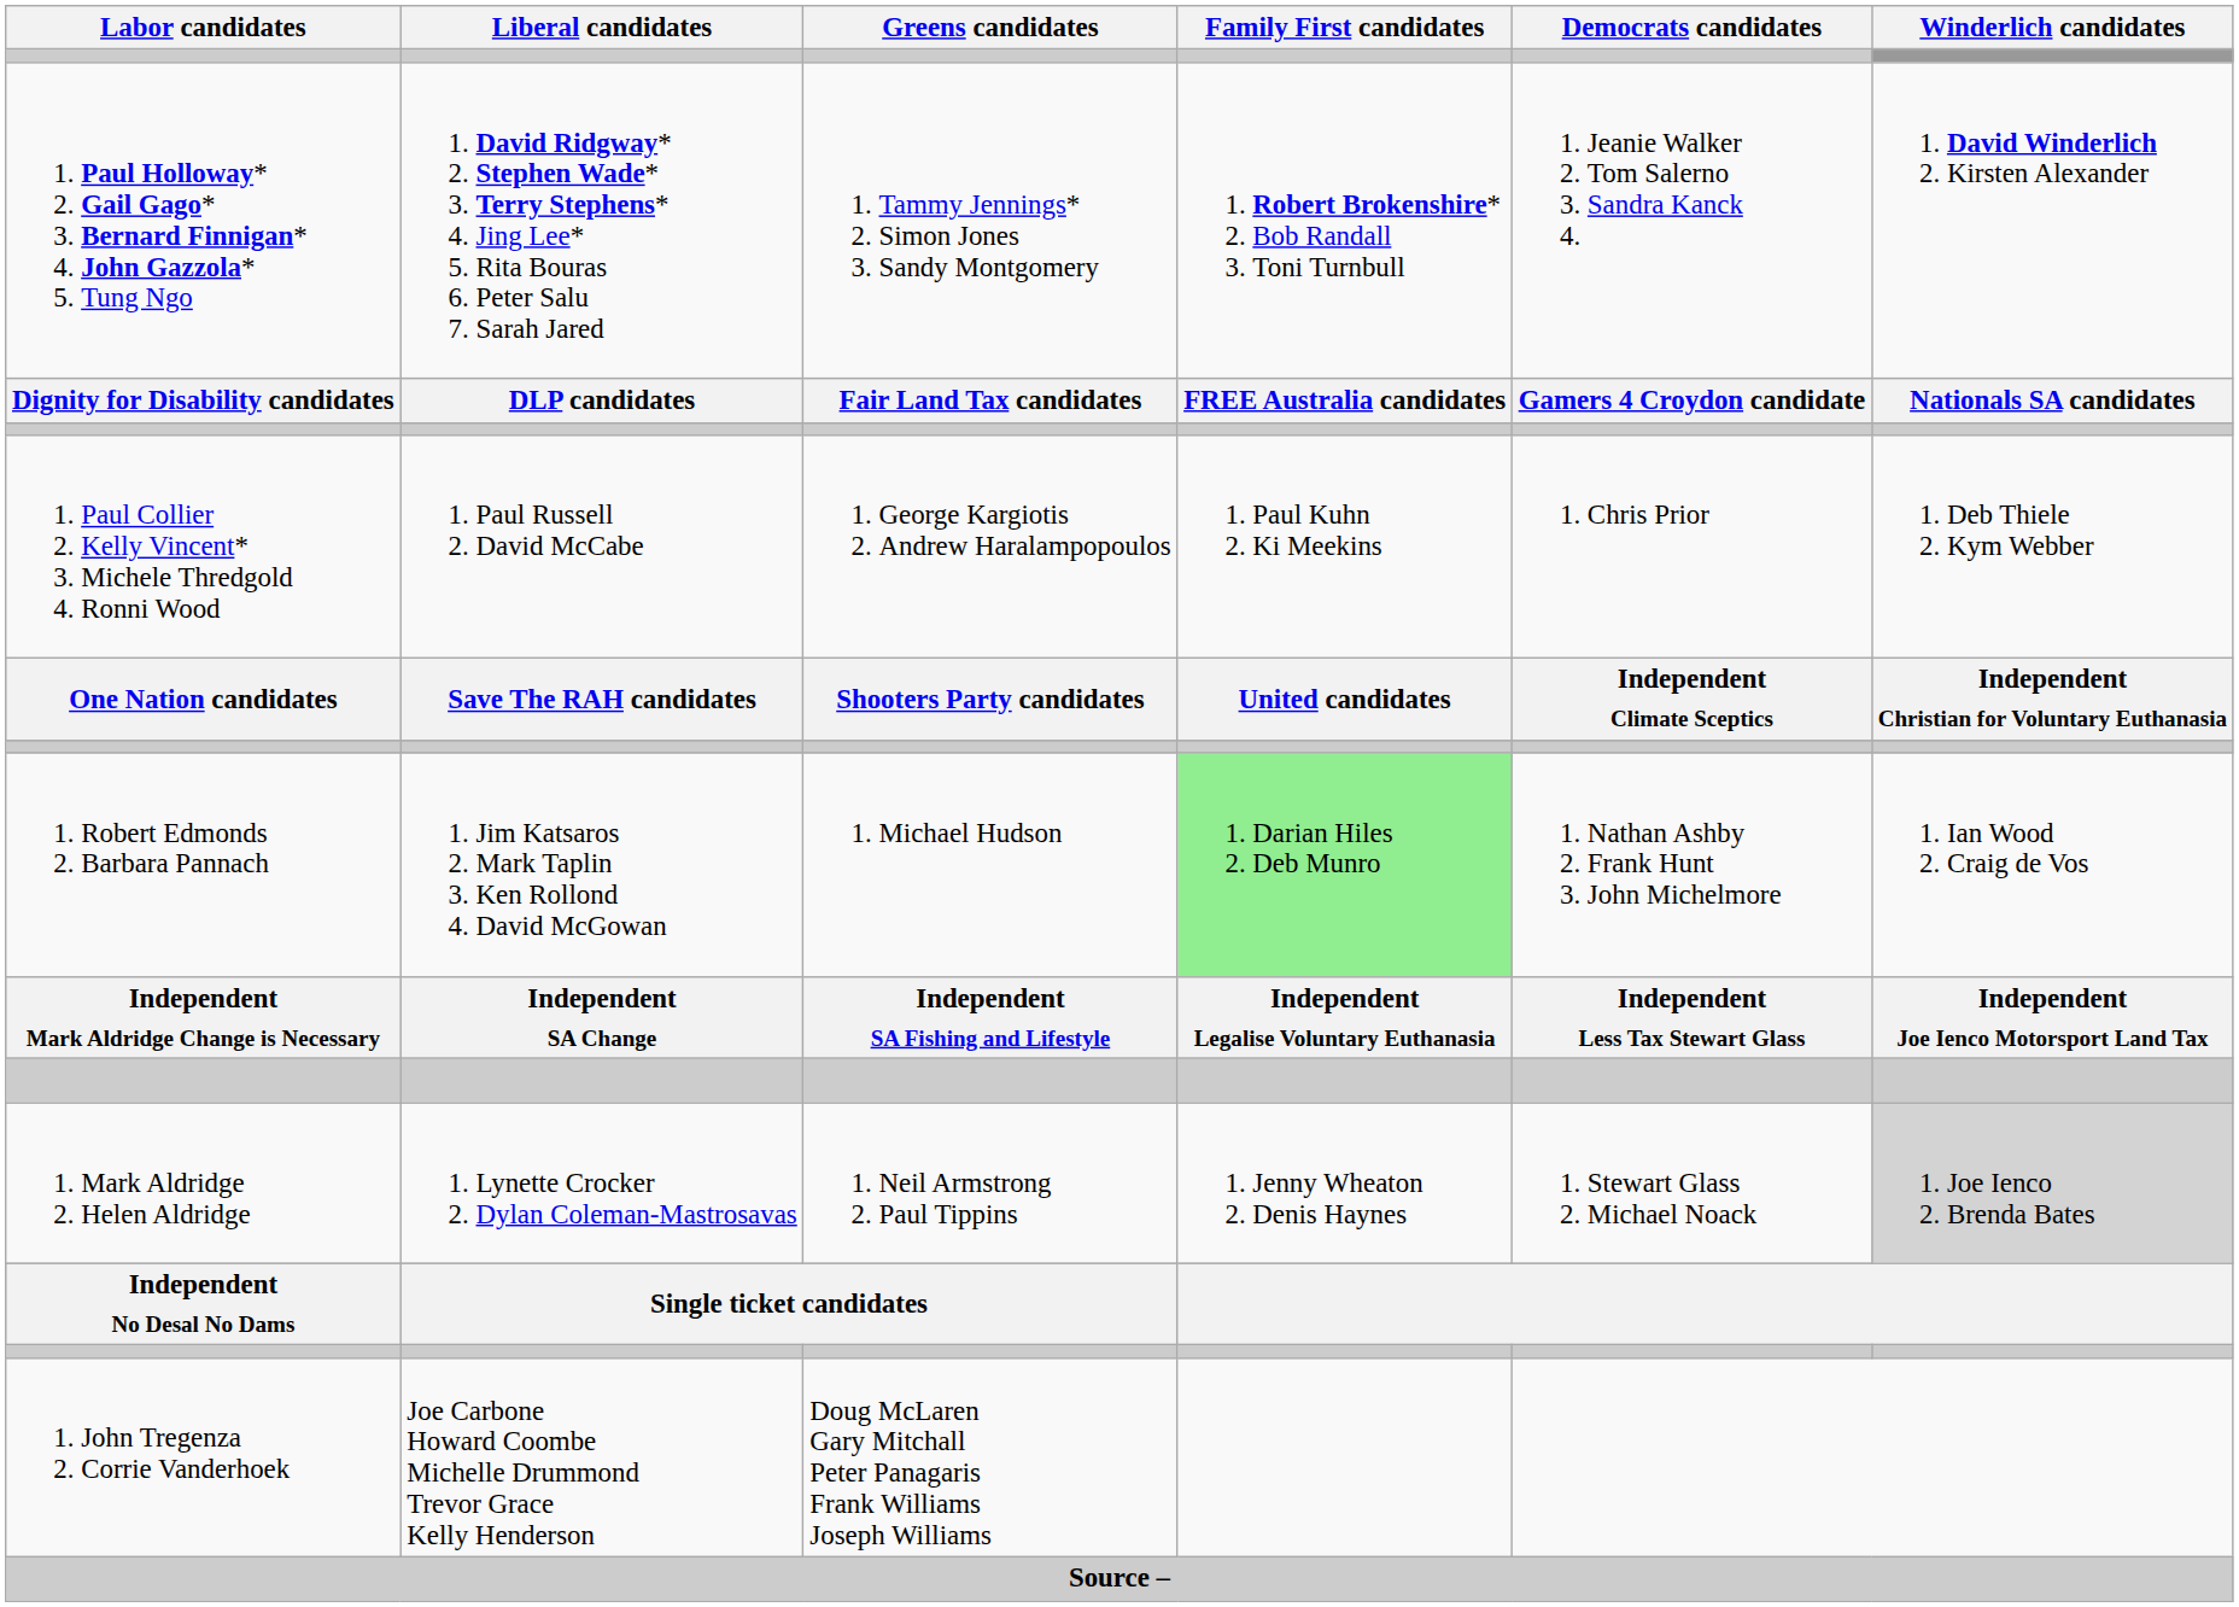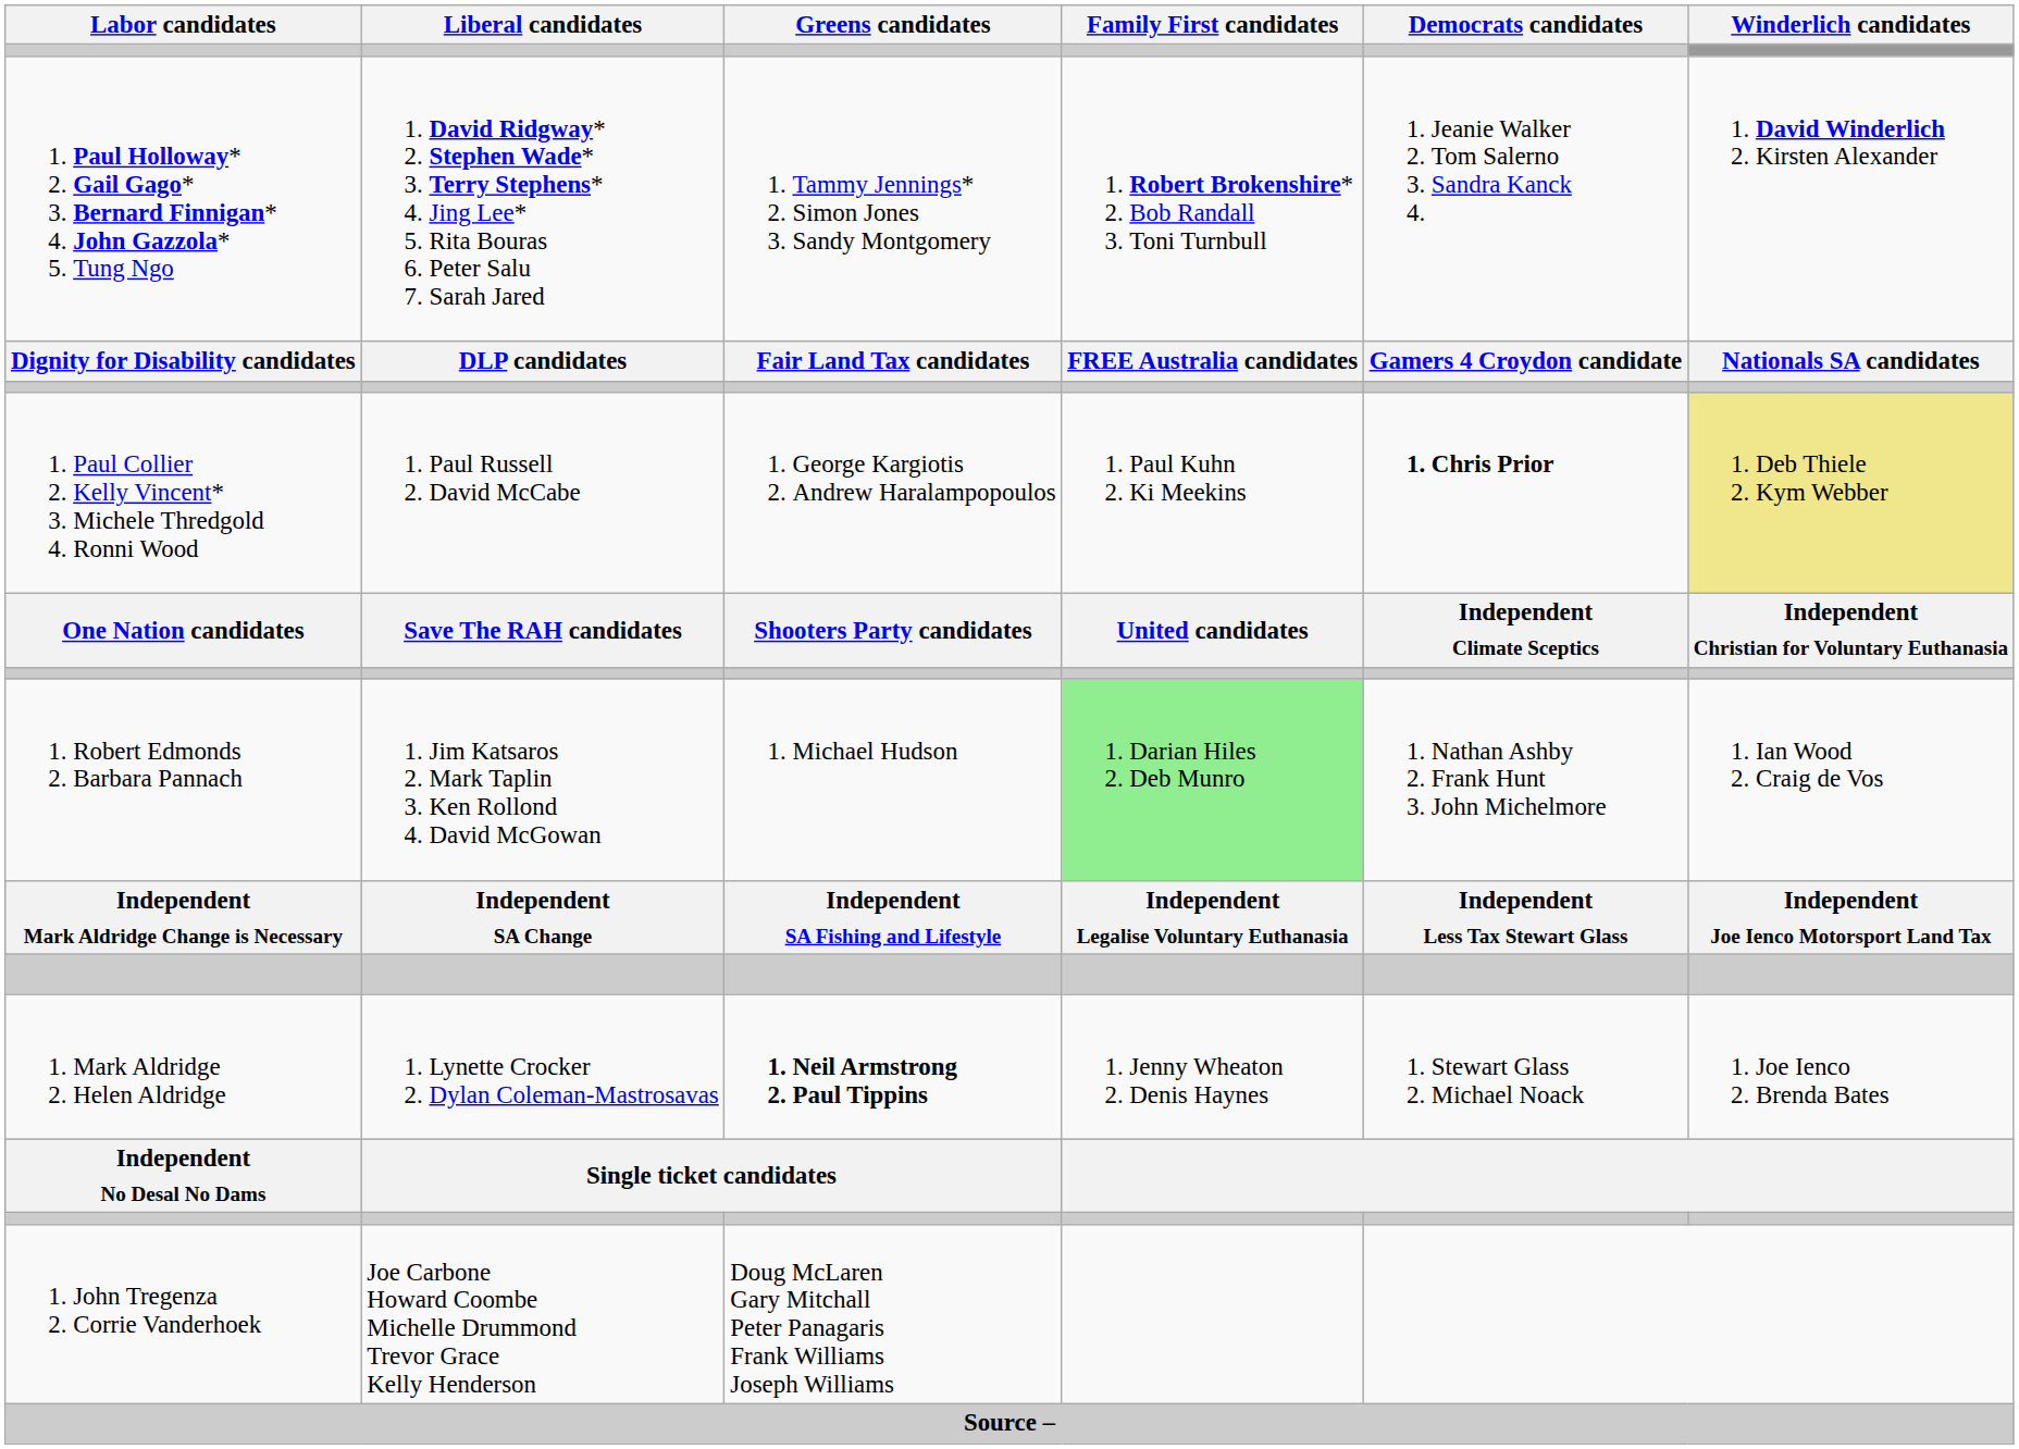 <table class="wikitable">
 <tr>
 <th><a href='#'>Labor</a> candidates</th>
 <th><a href='#'>Liberal</a> candidates</th>
 <th><a href='#'>Greens</a> candidates</th>
 <th><a href='#'>Family First</a> candidates</th>
 <th><a href='#'>Democrats</a> candidates</th>
 <th><a href='#'>Winderlich</a> candidates</th>
 </tr>
 <tr bgcolor="#cccccc">
 <td></td>
 <td></td>
 <td></td>
 <td></td>
 <td></td>
 <td bgcolor="#999999"></td>
 </tr>
 <tr>
 <td><br><ol><li><strong><a href='#'>Paul Holloway</a></strong>*</li><li><strong><a href='#'>Gail Gago</a></strong>*</li><li><strong><a href='#'>Bernard Finnigan</a></strong>*</li><li><strong><a href='#'>John Gazzola</a></strong>*</li><li><a href='#'>Tung Ngo</a></li></ol></td>
 <td><br><ol><li><strong><a href='#'>David Ridgway</a></strong>*</li><li><strong><a href='#'>Stephen Wade</a></strong>*</li><li><strong><a href='#'>Terry Stephens</a></strong>*</li><li><a href='#'>Jing Lee</a>*</li><li>Rita Bouras</li><li>Peter Salu</li><li>Sarah Jared</li></ol></td>
 <td><br><ol><li><a href='#'>Tammy Jennings</a>*</li><li>Simon Jones</li><li>Sandy Montgomery</li></ol></td>
 <td><br><ol><li><strong><a href='#'>Robert Brokenshire</a></strong>*</li><li><a href='#'>Bob Randall</a></li><li>Toni Turnbull</li></ol></td>
 <td valign=top><br><ol><li>Jeanie Walker</li><li>Tom Salerno</li><li><a href='#'>Sandra Kanck</a></li><li></li></ol></td>
 <td valign=top><br><ol><li><strong><a href='#'>David Winderlich</a></strong></li><li>Kirsten Alexander</li></ol></td>
 </tr>
 <tr bgcolor="#cccccc">
 <th><a href='#'>Dignity for Disability</a> candidates</th>
 <th><a href='#'>DLP</a> candidates</th>
 <th><a href='#'>Fair Land Tax</a> candidates</th>
 <th><a href='#'>FREE Australia</a> candidates</th>
 <th><a href='#'>Gamers 4 Croydon</a> candidate</th>
 <th><a href='#'>Nationals SA</a> candidates</th>
 </tr>
 <tr bgcolor="#cccccc">
 <td></td>
 <td></td>
 <td></td>
 <td></td>
 <td></td>
 <td></td>
 </tr>
 <tr>
 <td><br><ol><li><a href='#'>Paul Collier</a></li><li><a href='#'>Kelly Vincent</a>*</li><li>Michele Thredgold</li><li>Ronni Wood</li></ol></td>
 <td valign=top><br><ol><li>Paul Russell</li><li>David McCabe</li></ol></td>
 <td valign=top><br><ol><li>George Kargiotis</li><li>Andrew Haralampopoulos</li></ol></td>
 <td valign=top><br><ol><li>Paul Kuhn</li><li>Ki Meekins</li></ol></td>
-<td valign=top><br><ol><li>Chris Prior</li></ol></td>
-<td valign=top><br><ol><li>Deb Thiele</li><li>Kym Webber</li></ol></td>
+<td valign=top><strong><br><ol><li>Chris Prior</li></ol></strong></td>
+<td valign=top style="background: khaki;"><br><ol><li>Deb Thiele</li><li>Kym Webber</li></ol></td>
 </tr>
 <tr bgcolor="#cccccc">
 <th><a href='#'>One Nation</a> candidates</th>
 <th><a href='#'>Save The RAH</a> candidates</th>
 <th><a href='#'>Shooters Party</a> candidates</th>
 <th><a href='#'>United</a> candidates</th>
 <th>Independent <br><sub>Climate Sceptics</sub></th>
 <th>Independent <br><sub>Christian for Voluntary Euthanasia</sub></th>
 </tr>
 <tr bgcolor="#cccccc">
 <td></td>
 <td></td>
 <td></td>
 <td></td>
 <td></td>
 <td></td>
 </tr>
 <tr>
 <td valign=top><br><ol><li>Robert Edmonds</li><li>Barbara Pannach</li></ol></td>
 <td valign=top><br><ol><li>Jim Katsaros</li><li>Mark Taplin</li><li>Ken Rollond</li><li>David McGowan</li></ol></td>
 <td valign=top><br><ol><li>Michael Hudson</li></ol></td>
 <td valign=top style="background: lightgreen;"><br><ol><li>Darian Hiles</li><li>Deb Munro</li></ol></td>
 <td valign=top><br><ol><li>Nathan Ashby</li><li>Frank Hunt</li><li>John Michelmore</li></ol></td>
 <td valign=top><br><ol><li>Ian Wood</li><li>Craig de Vos</li></ol></td>
 </tr>
 <tr bgcolor="#cccccc">
 <th>Independent <br><sub>Mark Aldridge Change is Necessary</sub></th>
 <th>Independent <br><sub>SA Change</sub></th>
 <th>Independent <br><sub><a href='#'>SA Fishing and Lifestyle</a></sub></th>
 <th>Independent <br><sub>Legalise Voluntary Euthanasia</sub></th>
 <th>Independent <br><sub>Less Tax Stewart Glass</sub></th>
 <th>Independent <br><sub>Joe Ienco Motorsport Land Tax</sub></th>
 </tr>
 <tr bgcolor="#cccccc">
 <td></td>
 <td></td>
 <td></td>
 <td></td>
 <td></td>
 <td> </td>
 </tr>
 <tr>
 <td valign=top><br><ol><li>Mark Aldridge</li><li>Helen Aldridge</li></ol></td>
 <td valign=top><br><ol><li>Lynette Crocker</li><li><a href='#'>Dylan Coleman-Mastrosavas</a></li></ol></td>
-<td valign=top><br><ol><li>Neil Armstrong</li><li>Paul Tippins</li></ol></td>
+<td valign=top><strong><br><ol><li>Neil Armstrong</li><li>Paul Tippins</li></ol></strong></td>
 <td valign=top><br><ol><li>Jenny Wheaton</li><li>Denis Haynes</li></ol></td>
 <td valign=top><br><ol><li>Stewart Glass</li><li>Michael Noack</li></ol></td>
-<td valign=top style="background: lightgrey;"><br><ol><li>Joe Ienco</li><li>Brenda Bates</li></ol></td>
+<td valign=top><br><ol><li>Joe Ienco</li><li>Brenda Bates</li></ol></td>
 </tr>
 <tr bgcolor="#cccccc">
 <th>Independent <br><sub>No Desal No Dams</sub></th>
 <th colspan="2">Single ticket candidates</th>
 <th colspan="3"></th>
 </tr>
 <tr bgcolor="#cccccc">
 <td></td>
 <td></td>
 <td></td>
 <td></td>
 <td></td>
 <td></td>
 </tr>
 <tr>
 <td valign=top><br><ol><li>John Tregenza</li><li>Corrie Vanderhoek</li></ol></td>
 <td valign=top><br>Joe Carbone<br> Howard Coombe<br> Michelle Drummond<br> Trevor Grace<br> Kelly Henderson</td>
 <td valign=top><br>Doug McLaren<br> Gary Mitchall<br> Peter Panagaris<br> Frank Williams<br> Joseph Williams</td>
 <td valign=top></td>
 </tr>
 <tr bgcolor="#cccccc" align="center">
 <td colspan="7"><strong>Source – </strong></td>
 </tr>
 </table>
